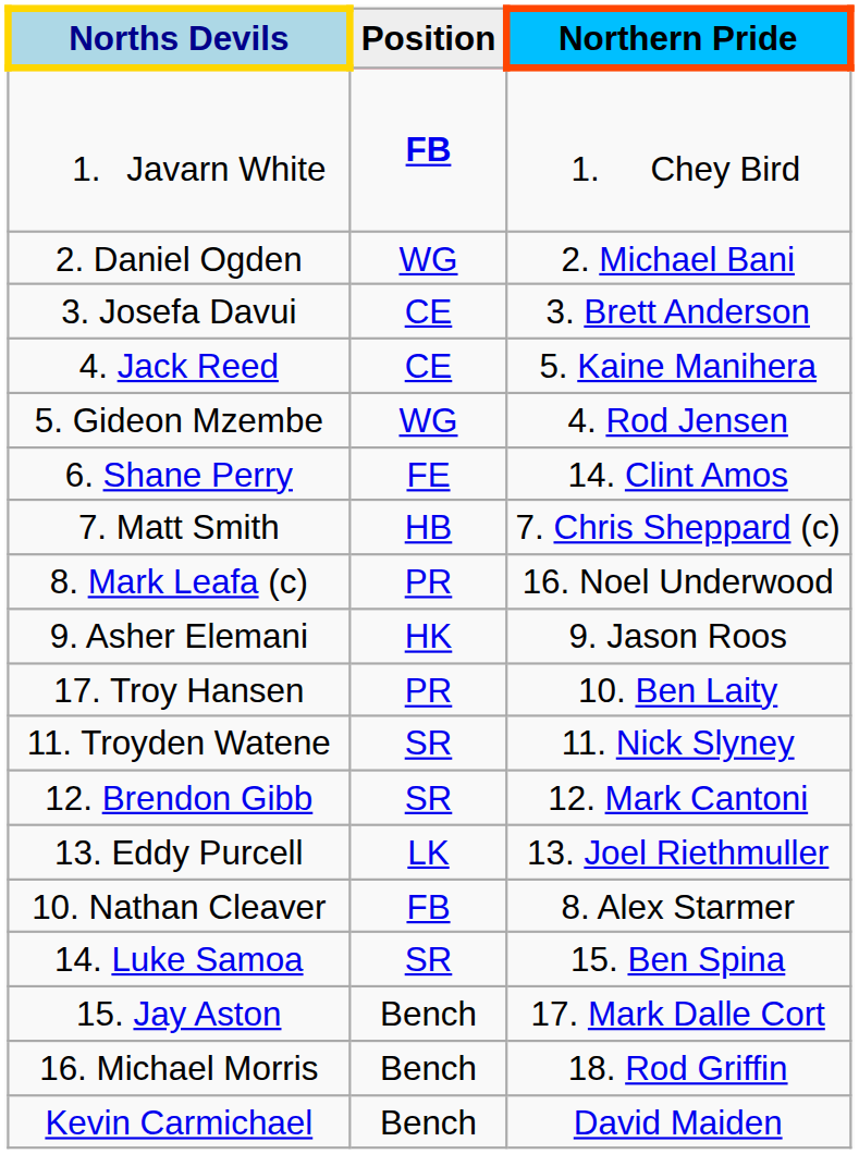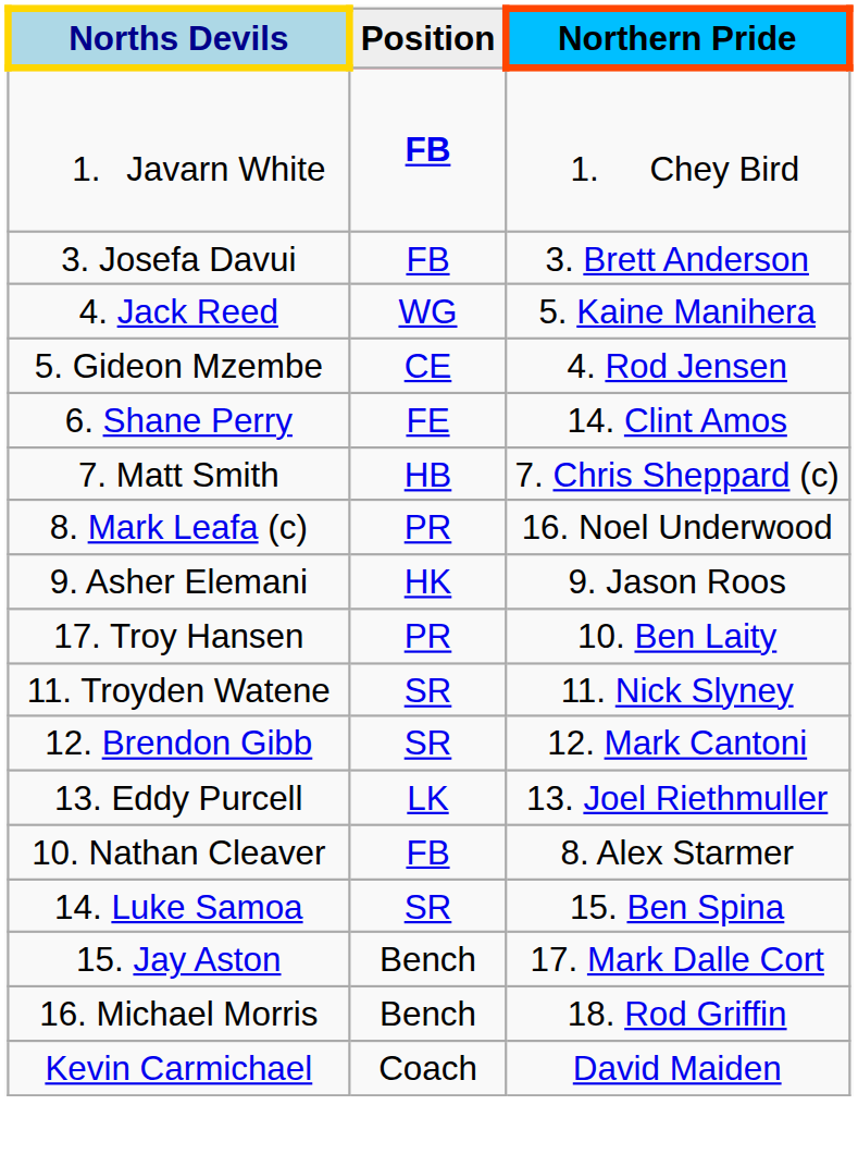 <table class="wikitable" style="float:right; font-size:90%; text-align:center; margin-left:1em;">
 <tr style="background:#f03;">
 <th align="centre" width="136" style="border: 3px solid gold; background: lightblue; color: darkblue">Norths Devils</th>
 <th align="center" style="background: #eeeeee; color: black">Position</th>
 <th align="centre" width="136" style="border: 3px solid #FF4500; background: #00BFFF; color: black">Northern Pride</th>
 </tr>
 <tr>
 <td><br><ol><li>Javarn White</li></ol></td>
 <td><strong><a href='#'>FB</a></strong></td>
 <td><br><ol><li>Chey Bird</li></ol></td>
 </tr>
 <tr>
-<td>2. Daniel Ogden</td>
-<td><a href='#'>WG</a></td>
-<td>2. <a href='#'>Michael Bani</a></td>
-</tr>
-<tr>
 <td>3. Josefa Davui</td>
-<td><a href='#'>CE</a></td>
+<td><a href='#'>FB</a></td>
 <td>3. <a href='#'>Brett Anderson</a></td>
 </tr>
 <tr>
 <td>4. <a href='#'>Jack Reed</a></td>
-<td><a href='#'>CE</a></td>
+<td><a href='#'>WG</a></td>
 <td>5. <a href='#'>Kaine Manihera</a></td>
 </tr>
 <tr>
 <td>5. Gideon Mzembe</td>
-<td><a href='#'>WG</a></td>
+<td><a href='#'>CE</a></td>
 <td>4. <a href='#'>Rod Jensen</a></td>
 </tr>
 <tr>
 <td>6. <a href='#'>Shane Perry</a></td>
 <td><a href='#'>FE</a></td>
 <td>14. <a href='#'>Clint Amos</a></td>
 </tr>
 <tr>
 <td>7. Matt Smith</td>
 <td><a href='#'>HB</a></td>
 <td>7. <a href='#'>Chris Sheppard</a> (c)</td>
 </tr>
 <tr>
 <td>8. <a href='#'>Mark Leafa</a> (c)</td>
 <td><a href='#'>PR</a></td>
 <td>16. Noel Underwood</td>
 </tr>
 <tr>
 <td>9. Asher Elemani</td>
 <td><a href='#'>HK</a></td>
 <td>9. Jason Roos</td>
 </tr>
 <tr>
 <td>17. Troy Hansen</td>
 <td><a href='#'>PR</a></td>
 <td>10. <a href='#'>Ben Laity</a></td>
 </tr>
 <tr>
 <td>11. Troyden Watene</td>
 <td><a href='#'>SR</a></td>
 <td>11. <a href='#'>Nick Slyney</a></td>
 </tr>
 <tr>
 <td>12. <a href='#'>Brendon Gibb</a></td>
 <td><a href='#'>SR</a></td>
 <td>12. <a href='#'>Mark Cantoni</a></td>
 </tr>
 <tr>
 <td>13. Eddy Purcell</td>
 <td><a href='#'>LK</a></td>
 <td>13. <a href='#'>Joel Riethmuller</a></td>
 </tr>
 <tr>
 <td>10. Nathan Cleaver</td>
 <td><a href='#'>FB</a></td>
 <td>8. Alex Starmer</td>
 </tr>
 <tr>
 <td>14. <a href='#'>Luke Samoa</a></td>
 <td><a href='#'>SR</a></td>
 <td>15. <a href='#'>Ben Spina</a></td>
 </tr>
 <tr>
 <td>15. <a href='#'>Jay Aston</a></td>
 <td>Bench</td>
 <td>17. <a href='#'>Mark Dalle Cort</a></td>
 </tr>
 <tr>
 <td>16. Michael Morris</td>
 <td>Bench</td>
 <td>18. <a href='#'>Rod Griffin</a></td>
 </tr>
 <tr>
 <td><a href='#'>Kevin Carmichael</a></td>
-<td>Bench</td>
+<td>Coach</td>
 <td><a href='#'>David Maiden</a></td>
 </tr>
 </table>
